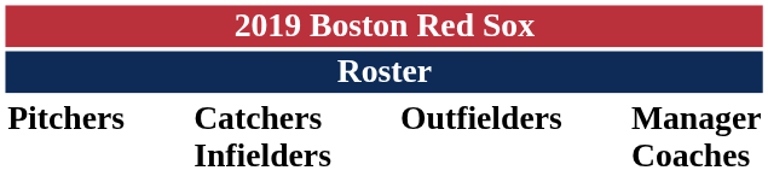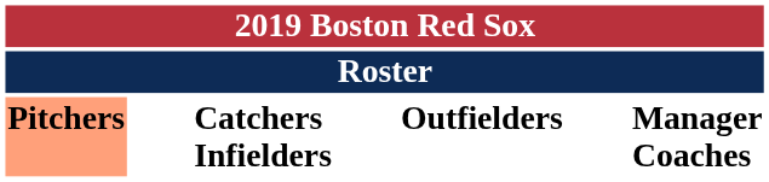 <table class="toccolours" style="text-align: left;">
 <tr>
 <th colspan="10" style="background-color: #ba313c; color: #FFFFFF; text-align: center;">2019 Boston Red Sox</th>
 </tr>
 <tr>
 <td colspan="10" style="background-color:#0d2b56; color: white; text-align: center;"><strong>Roster</strong></td>
 </tr>
 <tr>
-<td valign="top"><strong>Pitchers</strong><br>                         </td>
+<td valign="top" style="background: lightsalmon;"><strong>Pitchers</strong><br>                         </td>
 <td width="25px"></td>
 <td valign="top"><strong>Catchers</strong><br>    <strong>Infielders</strong>            </td>
 <td width="25px"></td>
 <td valign="top"><strong>Outfielders</strong><br>    </td>
 <td width="25px"></td>
 <td valign="top"><strong>Manager</strong><br> <strong>Coaches</strong>                      </td>
 </tr>
 </table>
